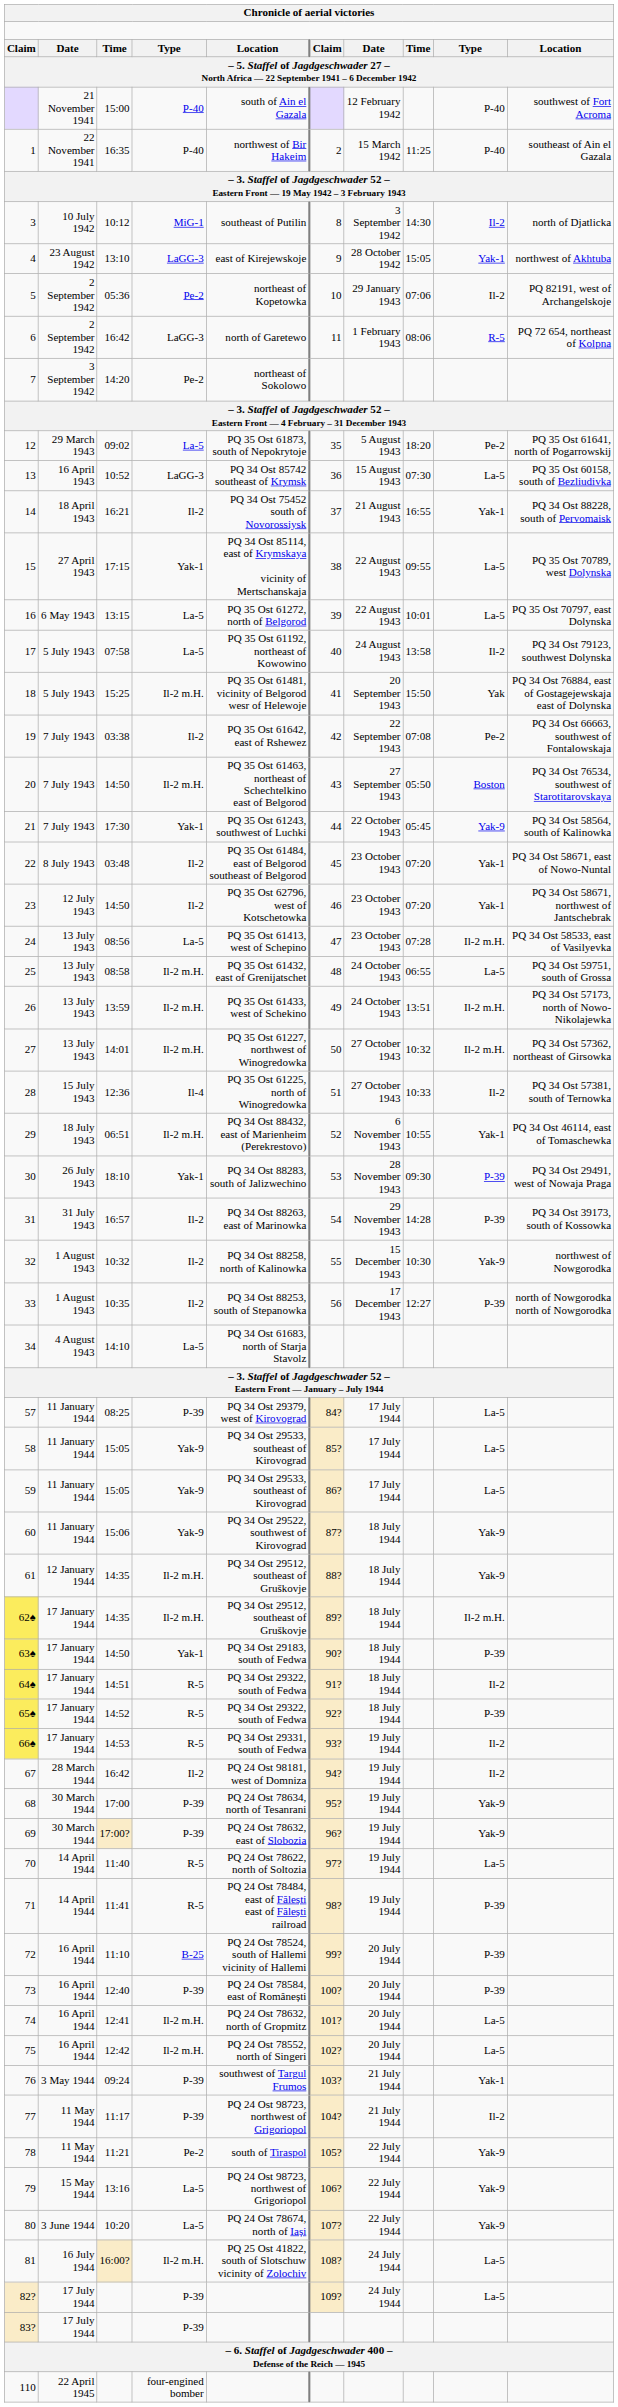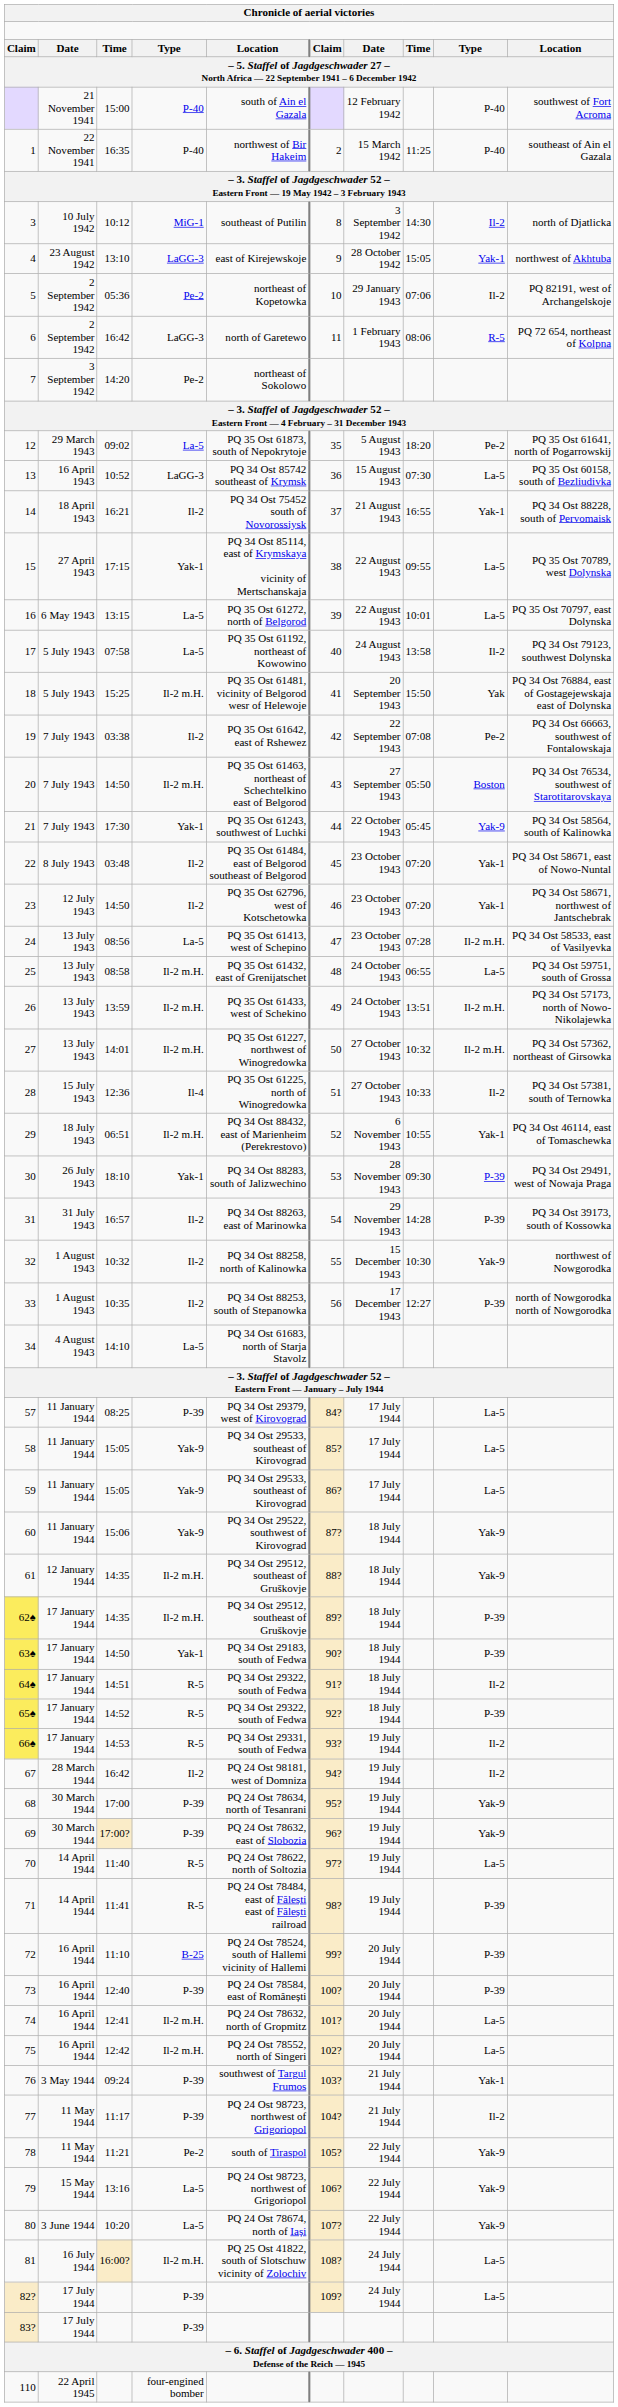 <table class="wikitable plainrowheaders collapsible" style="margin-left: auto; margin-right: auto; border: none; text-align:right; width: 100%;">
 <tr>
 <th colspan="10">Chronicle of aerial victories</th>
 </tr>
 <tr>
 <td colspan="10" style="text-align: left;"><br>  </td>
 </tr>
 <tr>
 <th scope="col">Claim</th>
 <th scope="col">Date</th>
 <th scope="col">Time</th>
 <th scope="col" width="100px">Type</th>
 <th scope="col">Location</th>
 <th scope="col" style="border-left: 3px solid grey;">Claim</th>
 <th scope="col">Date</th>
 <th scope="col">Time</th>
 <th scope="col" width="100px">Type</th>
 <th scope="col">Location</th>
 </tr>
 <tr>
 <th colspan="10">– 5. <em>Staffel</em> of <em>Jagdgeschwader</em> 27 –<br><small>North Africa — 22 September 1941 – 6 December 1942</small></th>
 </tr>
 <tr>
 <td style="background:#e3d9ff;"></td>
 <td>21 November 1941</td>
 <td>15:00</td>
 <td><a href='#'>P-40</a></td>
 <td> south of <a href='#'>Ain el Gazala</a></td>
 <td style="border-left: 3px solid grey; background:#e3d9ff;"></td>
 <td>12 February 1942</td>
 <td></td>
 <td>P-40</td>
 <td> southwest of <a href='#'>Fort Acroma</a></td>
 </tr>
 <tr>
 <td>1</td>
 <td>22 November 1941</td>
 <td>16:35</td>
 <td>P-40</td>
 <td>northwest of <a href='#'>Bir Hakeim</a></td>
 <td style="border-left: 3px solid grey;">2</td>
 <td>15 March 1942</td>
 <td>11:25</td>
 <td>P-40</td>
 <td> southeast of Ain el Gazala</td>
 </tr>
 <tr>
 <th colspan="10">– 3. <em>Staffel</em> of <em>Jagdgeschwader</em> 52 –<br><small>Eastern Front — 19 May 1942 – 3 February 1943</small></th>
 </tr>
 <tr>
 <td>3</td>
 <td>10 July 1942</td>
 <td>10:12</td>
 <td><a href='#'>MiG-1</a></td>
 <td> southeast of Putilin</td>
 <td style="border-left: 3px solid grey;">8</td>
 <td>3 September 1942</td>
 <td>14:30</td>
 <td><a href='#'>Il-2</a></td>
 <td> north of Djatlicka</td>
 </tr>
 <tr>
 <td>4</td>
 <td>23 August 1942</td>
 <td>13:10</td>
 <td><a href='#'>LaGG-3</a></td>
 <td> east of Kirejewskoje</td>
 <td style="border-left: 3px solid grey;">9</td>
 <td>28 October 1942</td>
 <td>15:05</td>
 <td><a href='#'>Yak-1</a></td>
 <td> northwest of <a href='#'>Akhtuba</a></td>
 </tr>
 <tr>
 <td>5</td>
 <td>2 September 1942</td>
 <td>05:36</td>
 <td><a href='#'>Pe-2</a></td>
 <td> northeast of Kopetowka</td>
 <td style="border-left: 3px solid grey;">10</td>
 <td>29 January 1943</td>
 <td>07:06</td>
 <td>Il-2</td>
 <td>PQ 82191,  west of Archangelskoje</td>
 </tr>
 <tr>
 <td>6</td>
 <td>2 September 1942</td>
 <td>16:42</td>
 <td>LaGG-3</td>
 <td> north of Garetewo</td>
 <td style="border-left: 3px solid grey;">11</td>
 <td>1 February 1943</td>
 <td>08:06</td>
 <td><a href='#'>R-5</a></td>
 <td>PQ 72 654,  northeast of <a href='#'>Kolpna</a></td>
 </tr>
 <tr>
 <td>7</td>
 <td>3 September 1942</td>
 <td>14:20</td>
 <td>Pe-2</td>
 <td> northeast of Sokolowo</td>
 <td style="border-left: 3px solid grey;"></td>
 <td></td>
 <td></td>
 <td></td>
 <td></td>
 </tr>
 <tr>
 <th colspan="10">– 3. <em>Staffel</em> of <em>Jagdgeschwader</em> 52 –<br><small>Eastern Front — 4 February – 31 December 1943</small></th>
 </tr>
 <tr>
 <td>12</td>
 <td>29 March 1943</td>
 <td>09:02</td>
 <td><a href='#'>La-5</a></td>
 <td>PQ 35 Ost 61873,  south of Nepokrytoje</td>
 <td style="border-left: 3px solid grey;">35</td>
 <td>5 August 1943</td>
 <td>18:20</td>
 <td>Pe-2</td>
 <td>PQ 35 Ost 61641, north of Pogarrowskij</td>
 </tr>
 <tr>
 <td>13</td>
 <td>16 April 1943</td>
 <td>10:52</td>
 <td>LaGG-3</td>
 <td>PQ 34 Ost 85742<br>southeast of <a href='#'>Krymsk</a></td>
 <td style="border-left: 3px solid grey;">36</td>
 <td>15 August 1943</td>
 <td>07:30</td>
 <td>La-5</td>
 <td>PQ 35 Ost 60158,  south of <a href='#'>Bezliudivka</a></td>
 </tr>
 <tr>
 <td>14</td>
 <td>18 April 1943</td>
 <td>16:21</td>
 <td>Il-2</td>
 <td>PQ 34 Ost 75452<br> south of <a href='#'>Novorossiysk</a></td>
 <td style="border-left: 3px solid grey;">37</td>
 <td>21 August 1943</td>
 <td>16:55</td>
 <td>Yak-1</td>
 <td>PQ 34 Ost 88228,  south of <a href='#'>Pervomaisk</a></td>
 </tr>
 <tr>
 <td>15</td>
 <td>27 April 1943</td>
 <td>17:15</td>
 <td>Yak-1</td>
 <td>PQ 34 Ost 85114,  east of <a href='#'>Krymskaya</a> <br><br>vicinity of Mertschanskaja</td>
 <td style="border-left: 3px solid grey;">38</td>
 <td>22 August 1943</td>
 <td>09:55</td>
 <td>La-5</td>
 <td>PQ 35 Ost 70789, west <a href='#'>Dolynska</a></td>
 </tr>
 <tr>
 <td>16</td>
 <td>6 May 1943</td>
 <td>13:15</td>
 <td>La-5</td>
 <td>PQ 35 Ost 61272,  north of <a href='#'>Belgorod</a></td>
 <td style="border-left: 3px solid grey;">39</td>
 <td>22 August 1943</td>
 <td>10:01</td>
 <td>La-5</td>
 <td>PQ 35 Ost 70797,  east Dolynska</td>
 </tr>
 <tr>
 <td>17</td>
 <td>5 July 1943</td>
 <td>07:58</td>
 <td>La-5</td>
 <td>PQ 35 Ost 61192,  northeast of Kowowino</td>
 <td style="border-left: 3px solid grey;">40</td>
 <td>24 August 1943</td>
 <td>13:58</td>
 <td>Il-2</td>
 <td>PQ 34 Ost 79123,  southwest Dolynska</td>
 </tr>
 <tr>
 <td>18</td>
 <td>5 July 1943</td>
 <td>15:25</td>
 <td>Il-2 m.H.</td>
 <td>PQ 35 Ost 61481, vicinity of Belgorod<br> wesr of Helewoje</td>
 <td style="border-left: 3px solid grey;">41</td>
 <td>20 September 1943</td>
 <td>15:50</td>
 <td>Yak</td>
 <td>PQ 34 Ost 76884,  east of Gostagejewskaja<br> east of Dolynska</td>
 </tr>
 <tr>
 <td>19</td>
 <td>7 July 1943</td>
 <td>03:38</td>
 <td>Il-2</td>
 <td>PQ 35 Ost 61642,  east of Rshewez</td>
 <td style="border-left: 3px solid grey;">42</td>
 <td>22 September 1943</td>
 <td>07:08</td>
 <td>Pe-2</td>
 <td>PQ 34 Ost 66663,  southwest of Fontalowskaja</td>
 </tr>
 <tr>
 <td>20</td>
 <td>7 July 1943</td>
 <td>14:50</td>
 <td>Il-2 m.H.</td>
 <td>PQ 35 Ost 61463,  northeast of Schechtelkino<br> east of Belgorod</td>
 <td style="border-left: 3px solid grey;">43</td>
 <td>27 September 1943</td>
 <td>05:50</td>
 <td><a href='#'>Boston</a></td>
 <td>PQ 34 Ost 76534,  southwest of <a href='#'>Starotitarovskaya</a></td>
 </tr>
 <tr>
 <td>21</td>
 <td>7 July 1943</td>
 <td>17:30</td>
 <td>Yak-1</td>
 <td>PQ 35 Ost 61243,  southwest of Luchki</td>
 <td style="border-left: 3px solid grey;">44</td>
 <td>22 October 1943</td>
 <td>05:45</td>
 <td><a href='#'>Yak-9</a></td>
 <td>PQ 34 Ost 58564, south of Kalinowka</td>
 </tr>
 <tr>
 <td>22</td>
 <td>8 July 1943</td>
 <td>03:48</td>
 <td>Il-2</td>
 <td>PQ 35 Ost 61484,  east of Belgorod<br> southeast of Belgorod</td>
 <td style="border-left: 3px solid grey;">45</td>
 <td>23 October 1943</td>
 <td>07:20</td>
 <td>Yak-1</td>
 <td>PQ 34 Ost 58671,  east of Nowo-Nuntal</td>
 </tr>
 <tr>
 <td>23</td>
 <td>12 July 1943</td>
 <td>14:50</td>
 <td>Il-2</td>
 <td>PQ 35 Ost 62796,  west of Kotschetowka</td>
 <td style="border-left: 3px solid grey;">46</td>
 <td>23 October 1943</td>
 <td>07:20</td>
 <td>Yak-1</td>
 <td>PQ 34 Ost 58671,  northwest of Jantschebrak</td>
 </tr>
 <tr>
 <td>24</td>
 <td>13 July 1943</td>
 <td>08:56</td>
 <td>La-5</td>
 <td>PQ 35 Ost 61413,  west of Schepino</td>
 <td style="border-left: 3px solid grey;">47</td>
 <td>23 October 1943</td>
 <td>07:28</td>
 <td>Il-2 m.H.</td>
 <td>PQ 34 Ost 58533,  east of Vasilyevka</td>
 </tr>
 <tr>
 <td>25</td>
 <td>13 July 1943</td>
 <td>08:58</td>
 <td>Il-2 m.H.</td>
 <td>PQ 35 Ost 61432,  east of Grenijatschet</td>
 <td style="border-left: 3px solid grey;">48</td>
 <td>24 October 1943</td>
 <td>06:55</td>
 <td>La-5</td>
 <td>PQ 34 Ost 59751,  south of Grossa</td>
 </tr>
 <tr>
 <td>26</td>
 <td>13 July 1943</td>
 <td>13:59</td>
 <td>Il-2 m.H.</td>
 <td>PQ 35 Ost 61433,  west of Schekino</td>
 <td style="border-left: 3px solid grey;">49</td>
 <td>24 October 1943</td>
 <td>13:51</td>
 <td>Il-2 m.H.</td>
 <td>PQ 34 Ost 57173,  north of Nowo-Nikolajewka</td>
 </tr>
 <tr>
 <td>27</td>
 <td>13 July 1943</td>
 <td>14:01</td>
 <td>Il-2 m.H.</td>
 <td>PQ 35 Ost 61227,  northwest of Winogredowka</td>
 <td style="border-left: 3px solid grey;">50</td>
 <td>27 October 1943</td>
 <td>10:32</td>
 <td>Il-2 m.H.</td>
 <td>PQ 34 Ost 57362,  northeast of Girsowka</td>
 </tr>
 <tr>
 <td>28</td>
 <td>15 July 1943</td>
 <td>12:36</td>
 <td>Il-4</td>
 <td>PQ 35 Ost 61225,  north of Winogredowka</td>
 <td style="border-left: 3px solid grey;">51</td>
 <td>27 October 1943</td>
 <td>10:33</td>
 <td>Il-2</td>
 <td>PQ 34 Ost 57381,  south of Ternowka</td>
 </tr>
 <tr>
 <td>29</td>
 <td>18 July 1943</td>
 <td>06:51</td>
 <td>Il-2 m.H.</td>
 <td>PQ 34 Ost 88432,  east of Marienheim (Perekrestovo)</td>
 <td style="border-left: 3px solid grey;">52</td>
 <td>6 November 1943</td>
 <td>10:55</td>
 <td>Yak-1</td>
 <td>PQ 34 Ost 46114,  east of Tomaschewka</td>
 </tr>
 <tr>
 <td>30</td>
 <td>26 July 1943</td>
 <td>18:10</td>
 <td>Yak-1</td>
 <td>PQ 34 Ost 88283,  south of Jalizwechino</td>
 <td style="border-left: 3px solid grey;">53</td>
 <td>28 November 1943</td>
 <td>09:30</td>
 <td><a href='#'>P-39</a></td>
 <td>PQ 34 Ost 29491,  west of Nowaja Praga</td>
 </tr>
 <tr>
 <td>31</td>
 <td>31 July 1943</td>
 <td>16:57</td>
 <td>Il-2</td>
 <td>PQ 34 Ost 88263,  east of Marinowka</td>
 <td style="border-left: 3px solid grey;">54</td>
 <td>29 November 1943</td>
 <td>14:28</td>
 <td>P-39</td>
 <td>PQ 34 Ost 39173,  south of Kossowka</td>
 </tr>
 <tr>
 <td>32</td>
 <td>1 August 1943</td>
 <td>10:32</td>
 <td>Il-2</td>
 <td>PQ 34 Ost 88258,  north of Kalinowka</td>
 <td style="border-left: 3px solid grey;">55</td>
 <td>15 December 1943</td>
 <td>10:30</td>
 <td>Yak-9</td>
 <td> northwest of Nowgorodka</td>
 </tr>
 <tr>
 <td>33</td>
 <td>1 August 1943</td>
 <td>10:35</td>
 <td>Il-2</td>
 <td>PQ 34 Ost 88253,  south of Stepanowka</td>
 <td style="border-left: 3px solid grey;">56</td>
 <td>17 December 1943</td>
 <td>12:27</td>
 <td>P-39</td>
 <td>north of Nowgorodka<br> north of Nowgorodka</td>
 </tr>
 <tr>
 <td>34</td>
 <td>4 August 1943</td>
 <td>14:10</td>
 <td>La-5</td>
 <td>PQ 34 Ost 61683,  north of Starja Stavolz</td>
 <td style="border-left: 3px solid grey;"></td>
 <td></td>
 <td></td>
 <td></td>
 <td></td>
 </tr>
 <tr>
 <th colspan="10">– 3. <em>Staffel</em> of <em>Jagdgeschwader</em> 52 –<br><small>Eastern Front — January – July 1944</small></th>
 </tr>
 <tr>
 <td>57</td>
 <td>11 January 1944</td>
 <td>08:25</td>
 <td>P-39</td>
 <td>PQ 34 Ost 29379,  west of <a href='#'>Kirovograd</a></td>
 <td style="border-left: 3px solid grey; background:#faecc8">84?</td>
 <td>17 July 1944</td>
 <td></td>
 <td>La-5</td>
 <td></td>
 </tr>
 <tr>
 <td>58</td>
 <td>11 January 1944</td>
 <td>15:05</td>
 <td>Yak-9</td>
 <td>PQ 34 Ost 29533,  southeast of Kirovograd</td>
 <td style="border-left: 3px solid grey; background:#faecc8">85?</td>
 <td>17 July 1944</td>
 <td></td>
 <td>La-5</td>
 <td></td>
 </tr>
 <tr>
 <td>59</td>
 <td>11 January 1944</td>
 <td>15:05</td>
 <td>Yak-9</td>
 <td>PQ 34 Ost 29533,  southeast of Kirovograd</td>
 <td style="border-left: 3px solid grey; background:#faecc8">86?</td>
 <td>17 July 1944</td>
 <td></td>
 <td>La-5</td>
 <td></td>
 </tr>
 <tr>
 <td>60</td>
 <td>11 January 1944</td>
 <td>15:06</td>
 <td>Yak-9</td>
 <td>PQ 34 Ost 29522,  southwest of Kirovograd</td>
 <td style="border-left: 3px solid grey; background:#faecc8">87?</td>
 <td>18 July 1944</td>
 <td></td>
 <td>Yak-9</td>
 <td></td>
 </tr>
 <tr>
 <td>61</td>
 <td>12 January 1944</td>
 <td>14:35</td>
 <td>Il-2 m.H.</td>
 <td>PQ 34 Ost 29512,  southeast of Gruškovje</td>
 <td style="border-left: 3px solid grey; background:#faecc8">88?</td>
 <td>18 July 1944</td>
 <td></td>
 <td>Yak-9</td>
 <td></td>
 </tr>
 <tr>
 <td style="background:#fbec5d;">62♠</td>
 <td>17 January 1944</td>
 <td>14:35</td>
 <td>Il-2 m.H.</td>
 <td>PQ 34 Ost 29512,  southeast of Gruškovje</td>
 <td style="border-left: 3px solid grey; background:#faecc8">89?</td>
 <td>18 July 1944</td>
 <td></td>
-<td>Il-2 m.H.</td>
+<td>P-39</td>
 <td></td>
 </tr>
 <tr>
 <td style="background:#fbec5d;">63♠</td>
 <td>17 January 1944</td>
 <td>14:50</td>
 <td>Yak-1</td>
 <td>PQ 34 Ost 29183,  south of Fedwa</td>
 <td style="border-left: 3px solid grey; background:#faecc8">90?</td>
 <td>18 July 1944</td>
 <td></td>
 <td>P-39</td>
 <td></td>
 </tr>
 <tr>
 <td style="background:#fbec5d;">64♠</td>
 <td>17 January 1944</td>
 <td>14:51</td>
 <td>R-5</td>
 <td>PQ 34 Ost 29322,  south of Fedwa</td>
 <td style="border-left: 3px solid grey; background:#faecc8">91?</td>
 <td>18 July 1944</td>
 <td></td>
 <td>Il-2</td>
 <td></td>
 </tr>
 <tr>
 <td style="background:#fbec5d;">65♠</td>
 <td>17 January 1944</td>
 <td>14:52</td>
 <td>R-5</td>
 <td>PQ 34 Ost 29322,  south of Fedwa</td>
 <td style="border-left: 3px solid grey; background:#faecc8">92?</td>
 <td>18 July 1944</td>
 <td></td>
 <td>P-39</td>
 <td></td>
 </tr>
 <tr>
 <td style="background:#fbec5d;">66♠</td>
 <td>17 January 1944</td>
 <td>14:53</td>
 <td>R-5</td>
 <td>PQ 34 Ost 29331,  south of Fedwa</td>
 <td style="border-left: 3px solid grey; background:#faecc8">93?</td>
 <td>19 July 1944</td>
 <td></td>
 <td>Il-2</td>
 <td></td>
 </tr>
 <tr>
 <td>67</td>
 <td>28 March 1944</td>
 <td>16:42</td>
 <td>Il-2</td>
 <td>PQ 24 Ost 98181,  west of Domniza</td>
 <td style="border-left: 3px solid grey; background:#faecc8">94?</td>
 <td>19 July 1944</td>
 <td></td>
 <td>Il-2</td>
 <td></td>
 </tr>
 <tr>
 <td>68</td>
 <td>30 March 1944</td>
 <td>17:00</td>
 <td>P-39</td>
 <td>PQ 24 Ost 78634,  north of Tesanrani</td>
 <td style="border-left: 3px solid grey; background:#faecc8">95?</td>
 <td>19 July 1944</td>
 <td></td>
 <td>Yak-9</td>
 <td></td>
 </tr>
 <tr>
 <td>69</td>
 <td>30 March 1944</td>
 <td style="background:#faecc8">17:00?</td>
 <td>P-39</td>
 <td>PQ 24 Ost 78632,  east of <a href='#'>Slobozia</a></td>
 <td style="border-left: 3px solid grey; background:#faecc8">96?</td>
 <td>19 July 1944</td>
 <td></td>
 <td>Yak-9</td>
 <td></td>
 </tr>
 <tr>
 <td>70</td>
 <td>14 April 1944</td>
 <td>11:40</td>
 <td>R-5</td>
 <td>PQ 24 Ost 78622,  north of Soltozia</td>
 <td style="border-left: 3px solid grey; background:#faecc8">97?</td>
 <td>19 July 1944</td>
 <td></td>
 <td>La-5</td>
 <td></td>
 </tr>
 <tr>
 <td>71</td>
 <td>14 April 1944</td>
 <td>11:41</td>
 <td>R-5</td>
 <td>PQ 24 Ost 78484, east of <a href='#'>Fălești</a><br>east of <a href='#'>Fălești</a> railroad</td>
 <td style="border-left: 3px solid grey; background:#faecc8">98?</td>
 <td>19 July 1944</td>
 <td></td>
 <td>P-39</td>
 <td></td>
 </tr>
 <tr>
 <td>72</td>
 <td>16 April 1944</td>
 <td>11:10</td>
 <td><a href='#'>B-25</a></td>
 <td>PQ 24 Ost 78524,  south of Hallemi<br>vicinity of Hallemi</td>
 <td style="border-left: 3px solid grey; background:#faecc8">99?</td>
 <td>20 July 1944</td>
 <td></td>
 <td>P-39</td>
 <td></td>
 </tr>
 <tr>
 <td>73</td>
 <td>16 April 1944</td>
 <td>12:40</td>
 <td>P-39</td>
 <td>PQ 24 Ost 78584,  east of Românești</td>
 <td style="border-left: 3px solid grey; background:#faecc8">100?</td>
 <td>20 July 1944</td>
 <td></td>
 <td>P-39</td>
 <td></td>
 </tr>
 <tr>
 <td>74</td>
 <td>16 April 1944</td>
 <td>12:41</td>
 <td>Il-2 m.H.</td>
 <td>PQ 24 Ost 78632,  north of Gropmitz</td>
 <td style="border-left: 3px solid grey; background:#faecc8">101?</td>
 <td>20 July 1944</td>
 <td></td>
 <td>La-5</td>
 <td></td>
 </tr>
 <tr>
 <td>75</td>
 <td>16 April 1944</td>
 <td>12:42</td>
 <td>Il-2 m.H.</td>
 <td>PQ 24 Ost 78552,  north of Singeri</td>
 <td style="border-left: 3px solid grey; background:#faecc8">102?</td>
 <td>20 July 1944</td>
 <td></td>
 <td>La-5</td>
 <td></td>
 </tr>
 <tr>
 <td>76</td>
 <td>3 May 1944</td>
 <td>09:24</td>
 <td>P-39</td>
 <td> southwest of <a href='#'>Targul Frumos</a></td>
 <td style="border-left: 3px solid grey; background:#faecc8">103?</td>
 <td>21 July 1944</td>
 <td></td>
 <td>Yak-1</td>
 <td></td>
 </tr>
 <tr>
 <td>77</td>
 <td>11 May 1944</td>
 <td>11:17</td>
 <td>P-39</td>
 <td>PQ 24 Ost 98723,  northwest of <a href='#'>Grigoriopol</a></td>
 <td style="border-left: 3px solid grey; background:#faecc8">104?</td>
 <td>21 July 1944</td>
 <td></td>
 <td>Il-2</td>
 <td></td>
 </tr>
 <tr>
 <td>78</td>
 <td>11 May 1944</td>
 <td>11:21</td>
 <td>Pe-2</td>
 <td> south of <a href='#'>Tiraspol</a></td>
 <td style="border-left: 3px solid grey; background:#faecc8">105?</td>
 <td>22 July 1944</td>
 <td></td>
 <td>Yak-9</td>
 <td></td>
 </tr>
 <tr>
 <td>79</td>
 <td>15 May 1944</td>
 <td>13:16</td>
 <td>La-5</td>
 <td>PQ 24 Ost 98723,  northwest of Grigoriopol</td>
 <td style="border-left: 3px solid grey; background:#faecc8">106?</td>
 <td>22 July 1944</td>
 <td></td>
 <td>Yak-9</td>
 <td></td>
 </tr>
 <tr>
 <td>80</td>
 <td>3 June 1944</td>
 <td>10:20</td>
 <td>La-5</td>
 <td>PQ 24 Ost 78674,  north of <a href='#'>Iași</a></td>
 <td style="border-left: 3px solid grey; background:#faecc8">107?</td>
 <td>22 July 1944</td>
 <td></td>
 <td>Yak-9</td>
 <td></td>
 </tr>
 <tr>
 <td>81</td>
 <td>16 July 1944</td>
 <td style="background:#faecc8">16:00?</td>
 <td>Il-2 m.H.</td>
 <td>PQ 25 Ost 41822,  south of Slotschuw<br>vicinity of <a href='#'>Zolochiv</a></td>
 <td style="border-left: 3px solid grey; background:#faecc8">108?</td>
 <td>24 July 1944</td>
 <td></td>
 <td>La-5</td>
 <td></td>
 </tr>
 <tr>
 <td style="background:#faecc8">82?</td>
 <td>17 July 1944</td>
 <td></td>
 <td>P-39</td>
 <td></td>
 <td style="border-left: 3px solid grey; background:#faecc8">109?</td>
 <td>24 July 1944</td>
 <td></td>
 <td>La-5</td>
 <td></td>
 </tr>
 <tr>
 <td style="background:#faecc8">83?</td>
 <td>17 July 1944</td>
 <td></td>
 <td>P-39</td>
 <td></td>
 <td style="border-left: 3px solid grey;"></td>
 <td></td>
 <td></td>
 <td></td>
 <td></td>
 </tr>
 <tr>
 <th colspan="10">– 6. <em>Staffel</em> of <em>Jagdgeschwader</em> 400 –<br><small>Defense of the Reich — 1945</small></th>
 </tr>
 <tr>
 <td>110</td>
 <td>22 April 1945</td>
 <td></td>
 <td>four-engined bomber</td>
 <td></td>
 <td style="border-left: 3px solid grey;"></td>
 <td></td>
 <td></td>
 <td></td>
 <td></td>
 </tr>
 </table>
